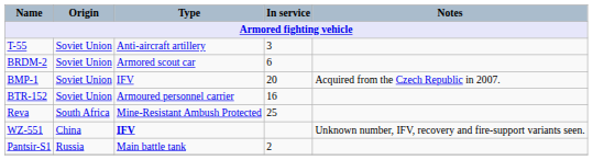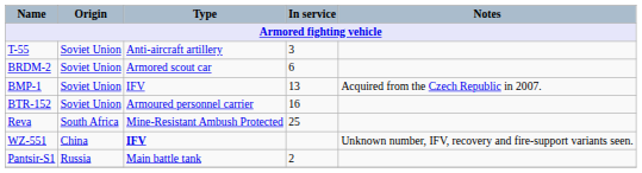 <table class="wikitable">
 <tr>
 <th style="text-align:center; background:#aabccc;">Name</th>
 <th style="text-align: center; background:#aabccc;">Origin</th>
 <th style="text-align:l center; background:#aabccc;">Type</th>
 <th style="text-align:l center; background:#aabccc;">In service</th>
 <th style="text-align: center; background:#aabccc;">Notes</th>
 </tr>
 <tr>
 <th style="align: center; background: lavender;" colspan="7"><a href='#'>Armored fighting vehicle</a></th>
 </tr>
 <tr>
 <td><a href='#'>T-55</a></td>
 <td><a href='#'>Soviet Union</a></td>
 <td><a href='#'>Anti-aircraft artillery</a></td>
 <td>3</td>
 <td></td>
 </tr>
 <tr>
 <td><a href='#'>BRDM-2</a></td>
 <td><a href='#'>Soviet Union</a></td>
 <td><a href='#'>Armored scout car</a></td>
 <td>6</td>
 <td></td>
 </tr>
 <tr>
 <td><a href='#'>BMP-1</a></td>
 <td><a href='#'>Soviet Union</a></td>
 <td><a href='#'>IFV</a></td>
-<td>20</td>
+<td>13</td>
 <td>Acquired from the <a href='#'>Czech Republic</a> in 2007.</td>
 </tr>
 <tr>
 <td><a href='#'>BTR-152</a></td>
 <td><a href='#'>Soviet Union</a></td>
 <td><a href='#'>Armoured personnel carrier</a></td>
 <td>16</td>
 <td></td>
 </tr>
 <tr>
 <td><a href='#'>Reva</a></td>
 <td><a href='#'>South Africa</a></td>
 <td><a href='#'>Mine-Resistant Ambush Protected</a></td>
 <td>25</td>
 <td></td>
 </tr>
 <tr>
 <td><a href='#'>WZ-551</a></td>
 <td><a href='#'>China</a></td>
 <td><strong><a href='#'>IFV</a></strong></td>
 <td></td>
 <td>Unknown number, IFV, recovery and fire-support variants seen.</td>
 </tr>
 <tr>
 <td><a href='#'>Pantsir-S1</a></td>
 <td><a href='#'>Russia</a></td>
 <td><a href='#'>Main battle tank</a></td>
 <td>2</td>
 <td></td>
 </tr>
 <tr>
 </tr>
 </table>
